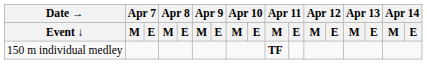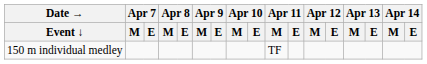 <table class="wikitable swimming-schedule floatleft">
 <tr>
 <th>Date →</th>
 <th colspan="2">Apr 7</th>
 <th colspan="2">Apr 8</th>
 <th colspan="2">Apr 9</th>
 <th colspan="2">Apr 10</th>
 <th colspan="2">Apr 11</th>
 <th colspan="2">Apr 12</th>
 <th colspan="2">Apr 13</th>
 <th colspan="2">Apr 14</th>
 </tr>
 <tr>
 <th>Event   ↓</th>
 <th>M</th>
 <th>E</th>
 <th>M</th>
 <th>E</th>
 <th>M</th>
 <th>E</th>
 <th>M</th>
 <th>E</th>
 <th>M</th>
 <th>E</th>
 <th>M</th>
 <th>E</th>
 <th>M</th>
 <th>E</th>
 <th>M</th>
 <th>E</th>
 </tr>
 <tr>
 <td class="event">150 m individual medley</td>
 <td colspan=2></td>
 <td colspan=2></td>
 <td colspan=2></td>
 <td colspan=2></td>
-<td class="timed-final"><strong>TF</strong></td>
+<td class="timed-final">TF</td>
 <td></td>
 <td colspan=2></td>
 <td colspan=2></td>
 <td colspan=2></td>
 </tr>
 </table>
